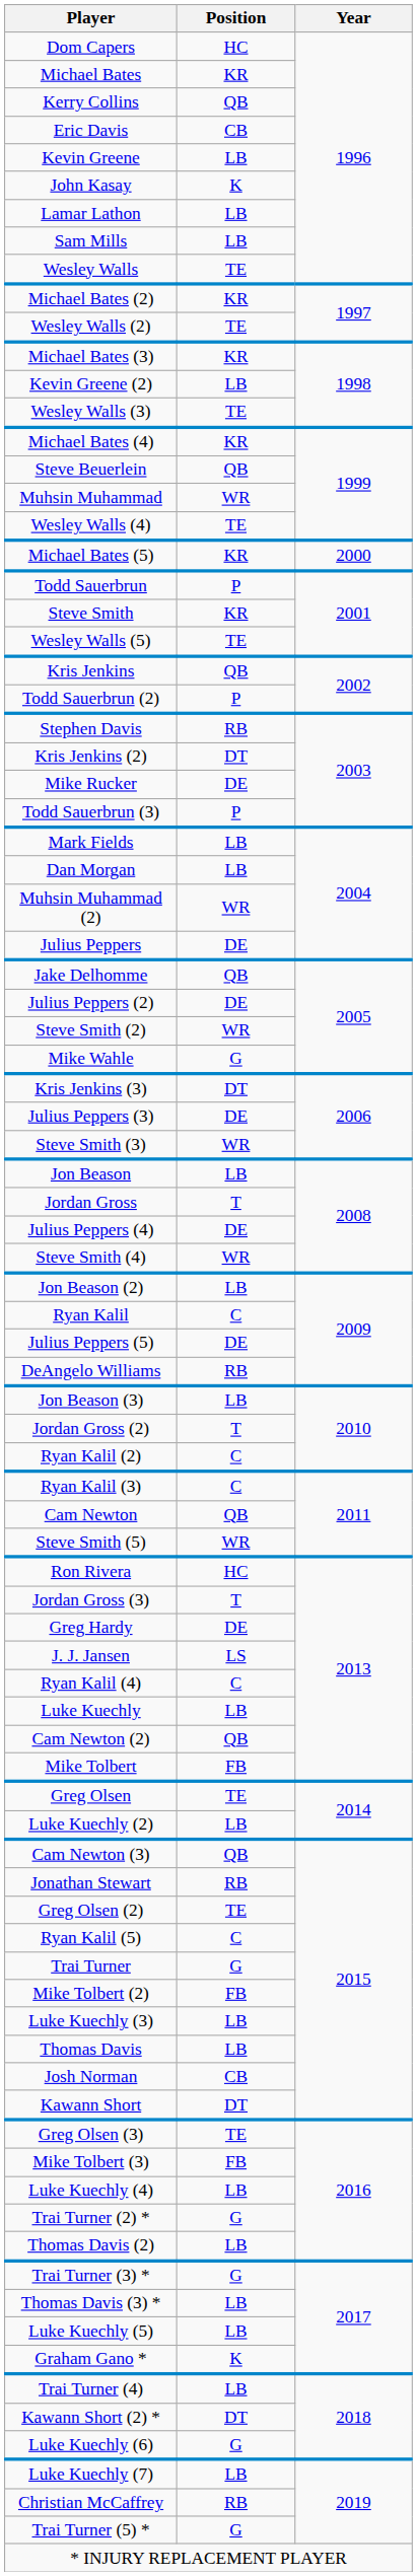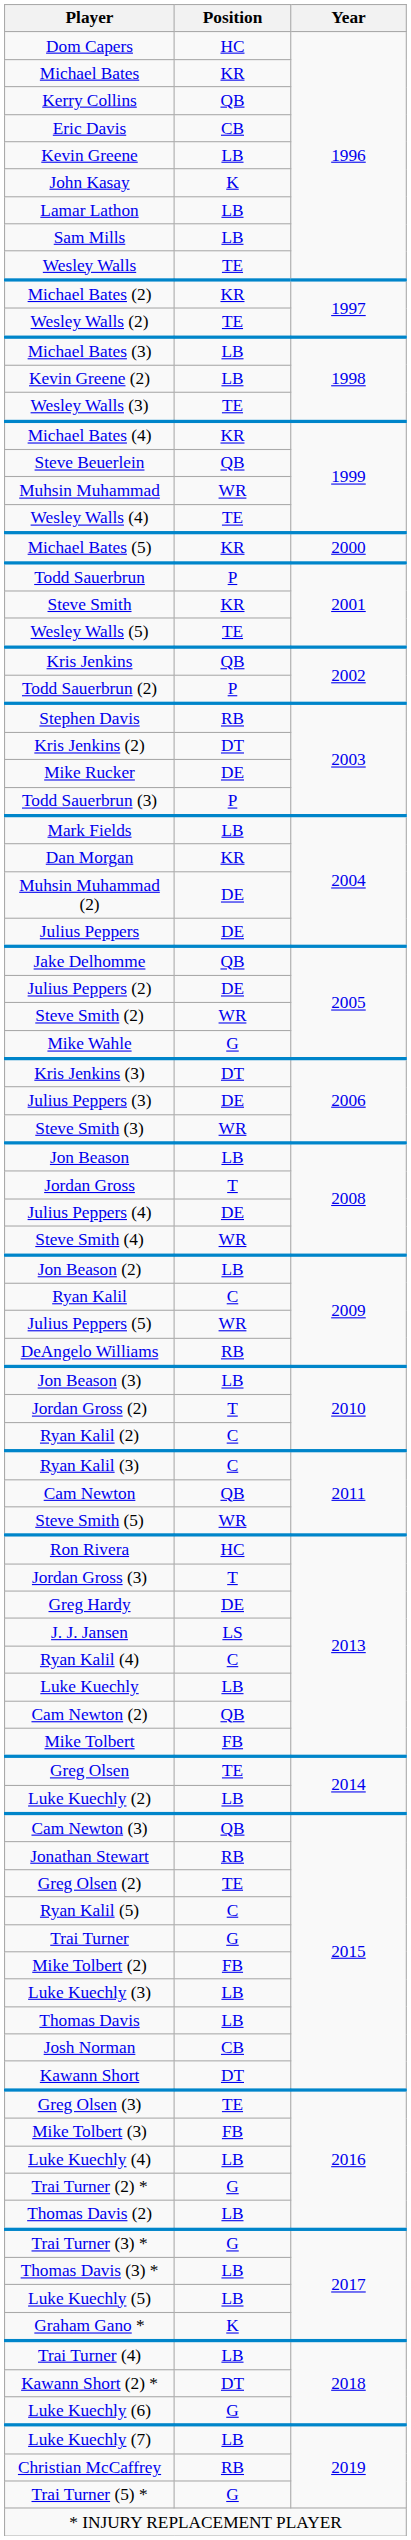 <table class="plainrowheaders wikitable" style="text-align:center">
 <tr>
 <th scope="col" style="width:150px; ">Player</th>
 <th scope="col" style="width:100px; ">Position</th>
 <th scope="col" style="width:100px; ">Year</th>
 </tr>
 <tr>
 <td><a href='#'>Dom Capers</a></td>
 <td><a href='#'>HC</a></td>
 <td style="border-bottom: 3px solid #0085CA;" scope="row" rowspan="9"><a href='#'>1996</a></td>
 </tr>
 <tr>
 <td><a href='#'>Michael Bates</a></td>
 <td><a href='#'>KR</a></td>
 </tr>
 <tr>
 <td><a href='#'>Kerry Collins</a></td>
 <td><a href='#'>QB</a></td>
 </tr>
 <tr>
 <td><a href='#'>Eric Davis</a></td>
 <td><a href='#'>CB</a></td>
 </tr>
 <tr>
 <td><a href='#'>Kevin Greene</a></td>
 <td><a href='#'>LB</a></td>
 </tr>
 <tr>
 <td><a href='#'>John Kasay</a></td>
 <td><a href='#'>K</a></td>
 </tr>
 <tr>
 <td><a href='#'>Lamar Lathon</a></td>
 <td><a href='#'>LB</a></td>
 </tr>
 <tr>
 <td><a href='#'>Sam Mills</a></td>
 <td><a href='#'>LB</a></td>
 </tr>
 <tr style="border-bottom: 3px solid #0085CA;">
 <td><a href='#'>Wesley Walls</a></td>
 <td><a href='#'>TE</a></td>
 </tr>
 <tr>
 <td><a href='#'>Michael Bates</a> (2)</td>
 <td><a href='#'>KR</a></td>
 <td scope="row" rowspan="2"><a href='#'>1997</a></td>
 </tr>
 <tr style="border-bottom: 3px solid #0085CA;">
 <td><a href='#'>Wesley Walls</a> (2)</td>
 <td><a href='#'>TE</a></td>
 </tr>
 <tr>
 <td><a href='#'>Michael Bates</a> (3)</td>
-<td><a href='#'>KR</a></td>
+<td><a href='#'>LB</a></td>
 <td scope="row" rowspan="3"><a href='#'>1998</a></td>
 </tr>
 <tr>
 <td><a href='#'>Kevin Greene</a> (2)</td>
 <td><a href='#'>LB</a></td>
 </tr>
 <tr style="border-bottom: 3px solid #0085CA;">
 <td><a href='#'>Wesley Walls</a> (3)</td>
 <td><a href='#'>TE</a></td>
 </tr>
 <tr>
 <td><a href='#'>Michael Bates</a> (4)</td>
 <td><a href='#'>KR</a></td>
 <td scope="row" rowspan="4"><a href='#'>1999</a></td>
 </tr>
 <tr>
 <td><a href='#'>Steve Beuerlein</a></td>
 <td><a href='#'>QB</a></td>
 </tr>
 <tr>
 <td><a href='#'>Muhsin Muhammad</a></td>
 <td><a href='#'>WR</a></td>
 </tr>
 <tr style="border-bottom: 3px solid #0085CA;">
 <td><a href='#'>Wesley Walls</a> (4)</td>
 <td><a href='#'>TE</a></td>
 </tr>
 <tr style="border-bottom: 3px solid #0085CA;">
 <td><a href='#'>Michael Bates</a> (5)</td>
 <td><a href='#'>KR</a></td>
 <td><a href='#'>2000</a></td>
 </tr>
 <tr>
 <td><a href='#'>Todd Sauerbrun</a></td>
 <td><a href='#'>P</a></td>
 <td scope="row" rowspan="3"><a href='#'>2001</a></td>
 </tr>
 <tr>
 <td><a href='#'>Steve Smith</a></td>
 <td><a href='#'>KR</a></td>
 </tr>
 <tr style="border-bottom: 3px solid #0085CA;">
 <td><a href='#'>Wesley Walls</a> (5)</td>
 <td><a href='#'>TE</a></td>
 </tr>
 <tr>
 <td><a href='#'>Kris Jenkins</a></td>
 <td><a href='#'>QB</a></td>
 <td scope="row" rowspan="2"><a href='#'>2002</a></td>
 </tr>
 <tr style="border-bottom: 3px solid #0085CA;">
 <td><a href='#'>Todd Sauerbrun</a> (2)</td>
 <td><a href='#'>P</a></td>
 </tr>
 <tr>
 <td><a href='#'>Stephen Davis</a></td>
 <td><a href='#'>RB</a></td>
 <td scope="row" rowspan="4"><a href='#'>2003</a></td>
 </tr>
 <tr>
 <td><a href='#'>Kris Jenkins</a> (2)</td>
 <td><a href='#'>DT</a></td>
 </tr>
 <tr>
 <td><a href='#'>Mike Rucker</a></td>
 <td><a href='#'>DE</a></td>
 </tr>
 <tr style="border-bottom: 3px solid #0085CA;">
 <td><a href='#'>Todd Sauerbrun</a> (3)</td>
 <td><a href='#'>P</a></td>
 </tr>
 <tr>
 <td><a href='#'>Mark Fields</a></td>
 <td><a href='#'>LB</a></td>
 <td scope="row" rowspan="4"><a href='#'>2004</a></td>
 </tr>
 <tr>
 <td><a href='#'>Dan Morgan</a></td>
-<td><a href='#'>LB</a></td>
+<td><a href='#'>KR</a></td>
 </tr>
 <tr>
 <td><a href='#'>Muhsin Muhammad</a> (2)</td>
-<td><a href='#'>WR</a></td>
+<td><a href='#'>DE</a></td>
 </tr>
 <tr style="border-bottom: 3px solid #0085CA;">
 <td><a href='#'>Julius Peppers</a></td>
 <td><a href='#'>DE</a></td>
 </tr>
 <tr>
 <td><a href='#'>Jake Delhomme</a></td>
 <td><a href='#'>QB</a></td>
 <td scope="row" rowspan="4"><a href='#'>2005</a></td>
 </tr>
 <tr>
 <td><a href='#'>Julius Peppers</a> (2)</td>
 <td><a href='#'>DE</a></td>
 </tr>
 <tr>
 <td><a href='#'>Steve Smith</a>  (2)</td>
 <td><a href='#'>WR</a></td>
 </tr>
 <tr style="border-bottom: 3px solid #0085CA;">
 <td><a href='#'>Mike Wahle</a></td>
 <td><a href='#'>G</a></td>
 </tr>
 <tr>
 <td><a href='#'>Kris Jenkins</a> (3)</td>
 <td><a href='#'>DT</a></td>
 <td scope="row" rowspan="3"><a href='#'>2006</a></td>
 </tr>
 <tr>
 <td><a href='#'>Julius Peppers</a> (3)</td>
 <td><a href='#'>DE</a></td>
 </tr>
 <tr style="border-bottom: 3px solid #0085CA;">
 <td><a href='#'>Steve Smith</a>  (3)</td>
 <td><a href='#'>WR</a></td>
 </tr>
 <tr>
 <td><a href='#'>Jon Beason</a></td>
 <td><a href='#'>LB</a></td>
 <td scope="row" rowspan="4"><a href='#'>2008</a></td>
 </tr>
 <tr>
 <td><a href='#'>Jordan Gross</a></td>
 <td><a href='#'>T</a></td>
 </tr>
 <tr>
 <td><a href='#'>Julius Peppers</a> (4)</td>
 <td><a href='#'>DE</a></td>
 </tr>
 <tr style="border-bottom: 3px solid #0085CA;">
 <td><a href='#'>Steve Smith</a>  (4)</td>
 <td><a href='#'>WR</a></td>
 </tr>
 <tr>
 <td><a href='#'>Jon Beason</a> (2)</td>
 <td><a href='#'>LB</a></td>
 <td scope="row" rowspan="4"><a href='#'>2009</a></td>
 </tr>
 <tr>
 <td><a href='#'>Ryan Kalil</a></td>
 <td><a href='#'>C</a></td>
 </tr>
 <tr>
 <td><a href='#'>Julius Peppers</a> (5)</td>
-<td><a href='#'>DE</a></td>
+<td><a href='#'>WR</a></td>
 </tr>
 <tr style="border-bottom: 3px solid #0085CA;">
 <td><a href='#'>DeAngelo Williams</a></td>
 <td><a href='#'>RB</a></td>
 </tr>
 <tr>
 <td><a href='#'>Jon Beason</a> (3)</td>
 <td><a href='#'>LB</a></td>
 <td scope="row" rowspan="3"><a href='#'>2010</a></td>
 </tr>
 <tr>
 <td><a href='#'>Jordan Gross</a> (2)</td>
 <td><a href='#'>T</a></td>
 </tr>
 <tr style="border-bottom: 3px solid #0085CA;">
 <td><a href='#'>Ryan Kalil</a> (2)</td>
 <td><a href='#'>C</a></td>
 </tr>
 <tr>
 <td><a href='#'>Ryan Kalil</a> (3)</td>
 <td><a href='#'>C</a></td>
 <td scope="row" rowspan="3"><a href='#'>2011</a></td>
 </tr>
 <tr>
 <td><a href='#'>Cam Newton</a></td>
 <td><a href='#'>QB</a></td>
 </tr>
 <tr style="border-bottom: 3px solid #0085CA;">
 <td><a href='#'>Steve Smith</a>  (5)</td>
 <td><a href='#'>WR</a></td>
 </tr>
 <tr>
 <td><a href='#'>Ron Rivera</a></td>
 <td><a href='#'>HC</a></td>
 <td scope="row" rowspan="8"><a href='#'>2013</a></td>
 </tr>
 <tr>
 <td><a href='#'>Jordan Gross</a> (3)</td>
 <td><a href='#'>T</a></td>
 </tr>
 <tr>
 <td><a href='#'>Greg Hardy</a></td>
 <td><a href='#'>DE</a></td>
 </tr>
 <tr>
 <td><a href='#'>J. J. Jansen</a></td>
 <td><a href='#'>LS</a></td>
 </tr>
 <tr>
 <td><a href='#'>Ryan Kalil</a> (4)</td>
 <td><a href='#'>C</a></td>
 </tr>
 <tr>
 <td><a href='#'>Luke Kuechly</a></td>
 <td><a href='#'>LB</a></td>
 </tr>
 <tr>
 <td><a href='#'>Cam Newton</a> (2)</td>
 <td><a href='#'>QB</a></td>
 </tr>
 <tr style="border-bottom: 3px solid #0085CA;">
 <td><a href='#'>Mike Tolbert</a></td>
 <td><a href='#'>FB</a></td>
 </tr>
 <tr>
 <td><a href='#'>Greg Olsen</a></td>
 <td><a href='#'>TE</a></td>
 <td scope="row" rowspan="2"><a href='#'>2014</a></td>
 </tr>
 <tr style="border-bottom: 3px solid #0085CA;">
 <td><a href='#'>Luke Kuechly</a> (2)</td>
 <td><a href='#'>LB</a></td>
 </tr>
 <tr>
 <td><a href='#'>Cam Newton</a> (3)</td>
 <td><a href='#'>QB</a></td>
 <td scope="row" rowspan="10"><a href='#'>2015</a></td>
 </tr>
 <tr>
 <td><a href='#'>Jonathan Stewart</a></td>
 <td><a href='#'>RB</a></td>
 </tr>
 <tr>
 <td><a href='#'>Greg Olsen</a> (2)</td>
 <td><a href='#'>TE</a></td>
 </tr>
 <tr>
 <td><a href='#'>Ryan Kalil</a> (5)</td>
 <td><a href='#'>C</a></td>
 </tr>
 <tr>
 <td><a href='#'>Trai Turner</a></td>
 <td><a href='#'>G</a></td>
 </tr>
 <tr>
 <td><a href='#'>Mike Tolbert</a> (2)</td>
 <td><a href='#'>FB</a></td>
 </tr>
 <tr>
 <td><a href='#'>Luke Kuechly</a> (3)</td>
 <td><a href='#'>LB</a></td>
 </tr>
 <tr>
 <td><a href='#'>Thomas Davis</a></td>
 <td><a href='#'>LB</a></td>
 </tr>
 <tr>
 <td><a href='#'>Josh Norman</a></td>
 <td><a href='#'>CB</a></td>
 </tr>
 <tr style="border-bottom: 3px solid #0085CA;">
 <td><a href='#'>Kawann Short</a></td>
 <td><a href='#'>DT</a></td>
 </tr>
 <tr>
 <td><a href='#'>Greg Olsen</a> (3)</td>
 <td><a href='#'>TE</a></td>
 <td rowspan="5"><a href='#'>2016</a></td>
 </tr>
 <tr>
 <td><a href='#'>Mike Tolbert</a> (3)</td>
 <td><a href='#'>FB</a></td>
 </tr>
 <tr>
 <td><a href='#'>Luke Kuechly</a> (4)</td>
 <td><a href='#'>LB</a></td>
 </tr>
 <tr>
 <td><a href='#'>Trai Turner</a> (2) *</td>
 <td><a href='#'>G</a></td>
 </tr>
 <tr style="border-bottom: 3px solid #0085CA;">
 <td><a href='#'>Thomas Davis</a> (2)</td>
 <td><a href='#'>LB</a></td>
 </tr>
 <tr>
 <td><a href='#'>Trai Turner</a> (3) *</td>
 <td><a href='#'>G</a></td>
 <td rowspan="4"><a href='#'>2017</a></td>
 </tr>
 <tr>
 <td><a href='#'>Thomas Davis</a> (3) *</td>
 <td><a href='#'>LB</a></td>
 </tr>
 <tr>
 <td><a href='#'>Luke Kuechly</a> (5)</td>
 <td><a href='#'>LB</a></td>
 </tr>
 <tr style="border-bottom: 3px solid #0085CA;">
 <td><a href='#'>Graham Gano</a> *</td>
 <td><a href='#'>K</a></td>
 </tr>
 <tr>
 <td><a href='#'>Trai Turner</a> (4)</td>
 <td><a href='#'>LB</a></td>
 <td rowspan="3"><a href='#'>2018</a></td>
 </tr>
 <tr>
 <td><a href='#'>Kawann Short</a> (2) *</td>
 <td><a href='#'>DT</a></td>
 </tr>
 <tr style="border-bottom: 3px solid #0085CA;">
 <td><a href='#'>Luke Kuechly</a> (6)</td>
 <td><a href='#'>G</a></td>
 </tr>
 <tr>
 <td><a href='#'>Luke Kuechly</a> (7)</td>
 <td><a href='#'>LB</a></td>
 <td rowspan="3"><a href='#'>2019</a></td>
 </tr>
 <tr>
 <td><a href='#'>Christian McCaffrey</a></td>
 <td><a href='#'>RB</a></td>
 </tr>
 <tr>
 <td><a href='#'>Trai Turner</a> (5) *</td>
 <td><a href='#'>G</a></td>
 </tr>
 <tr>
 <td colspan="3">* INJURY REPLACEMENT PLAYER</td>
 </tr>
 </table>
